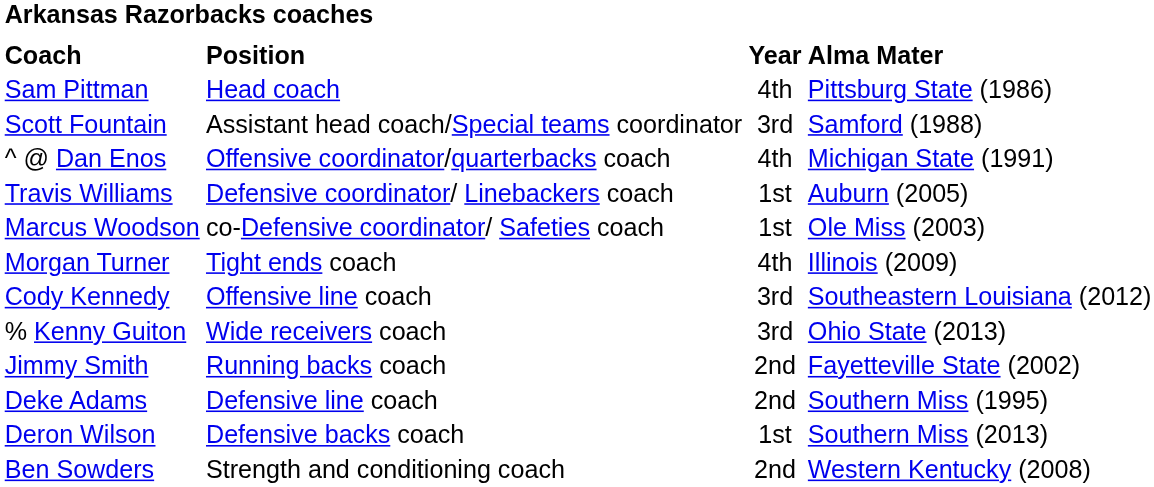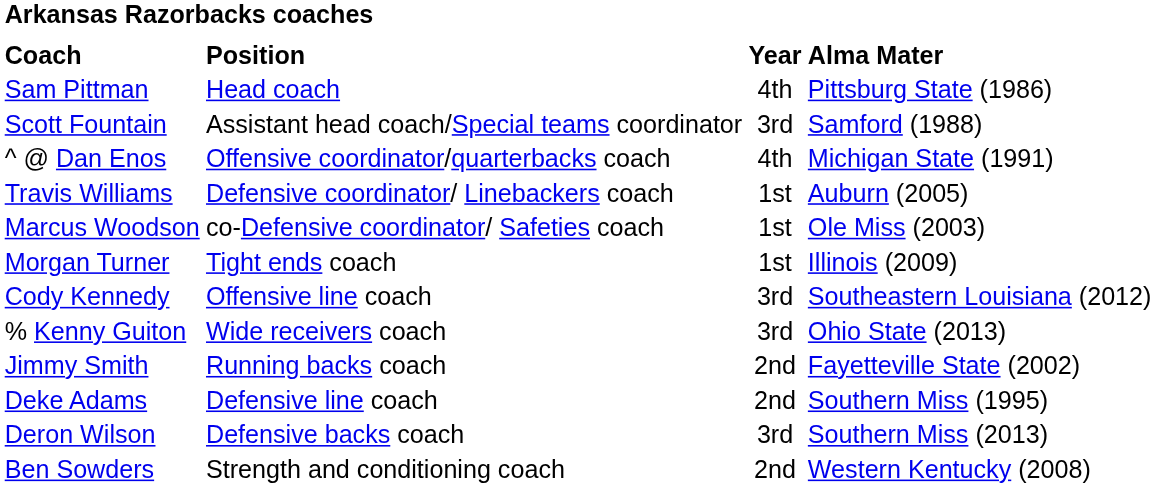 <table class="toccolours" style="text-align: left;">
 <tr>
 <td colspan="9"><strong>Arkansas Razorbacks coaches</strong></td>
 </tr>
 <tr>
 <td style="font-size: 95%;" valign="top"></td>
 <td></td>
 </tr>
 <tr>
 <th>Coach</th>
 <th>Position</th>
 <th>Year</th>
 <th>Alma Mater</th>
 <th></th>
 </tr>
 <tr>
 <td><a href='#'>Sam Pittman</a></td>
 <td><a href='#'>Head coach</a></td>
 <td align=center>4th</td>
 <td><a href='#'>Pittsburg State</a> (1986)</td>
 </tr>
 <tr>
 <td><a href='#'>Scott Fountain</a></td>
 <td>Assistant head coach/<a href='#'>Special teams</a> coordinator</td>
 <td align=center>3rd</td>
 <td><a href='#'>Samford</a> (1988)</td>
 </tr>
 <tr>
 <td>^ @ <a href='#'>Dan Enos</a></td>
 <td><a href='#'>Offensive coordinator</a>/<a href='#'>quarterbacks</a> coach</td>
 <td align=center>4th</td>
 <td><a href='#'>Michigan State</a> (1991)</td>
 </tr>
 <tr>
 <td><a href='#'>Travis Williams</a></td>
 <td><a href='#'>Defensive coordinator</a>/ <a href='#'>Linebackers</a> coach</td>
 <td align=center>1st</td>
 <td><a href='#'>Auburn</a> (2005)</td>
 </tr>
 <tr>
 <td><a href='#'>Marcus Woodson</a></td>
 <td>co-<a href='#'>Defensive coordinator</a>/ <a href='#'>Safeties</a> coach</td>
 <td align=center>1st</td>
 <td><a href='#'>Ole Miss</a> (2003)</td>
 </tr>
 <tr>
 <td><a href='#'>Morgan Turner</a></td>
 <td><a href='#'>Tight ends</a> coach</td>
-<td align=center>4th</td>
+<td align=center>1st</td>
 <td><a href='#'>Illinois</a> (2009)</td>
 </tr>
 <tr>
 <td><a href='#'>Cody Kennedy</a></td>
 <td><a href='#'>Offensive line</a> coach</td>
 <td align=center>3rd</td>
 <td><a href='#'>Southeastern Louisiana</a> (2012)</td>
 </tr>
 <tr>
 <td>% <a href='#'>Kenny Guiton</a></td>
 <td><a href='#'>Wide receivers</a> coach</td>
 <td align=center>3rd</td>
 <td><a href='#'>Ohio State</a> (2013)</td>
 </tr>
 <tr>
 <td><a href='#'>Jimmy Smith</a></td>
 <td><a href='#'>Running backs</a> coach</td>
 <td align=center>2nd</td>
 <td><a href='#'>Fayetteville State</a> (2002)</td>
 </tr>
 <tr>
 <td><a href='#'>Deke Adams</a></td>
 <td><a href='#'>Defensive line</a> coach</td>
 <td align=center>2nd</td>
 <td><a href='#'>Southern Miss</a> (1995)</td>
 </tr>
 <tr>
 <td><a href='#'>Deron Wilson</a></td>
 <td><a href='#'>Defensive backs</a> coach</td>
-<td align=center>1st</td>
+<td align=center>3rd</td>
 <td><a href='#'>Southern Miss</a> (2013)</td>
 </tr>
 <tr>
 <td><a href='#'>Ben Sowders</a></td>
 <td>Strength and conditioning coach</td>
 <td align=center>2nd</td>
 <td><a href='#'>Western Kentucky</a> (2008)</td>
 </tr>
 <tr>
 </tr>
 </table>
